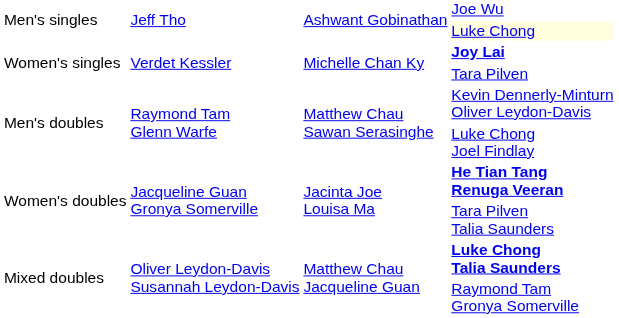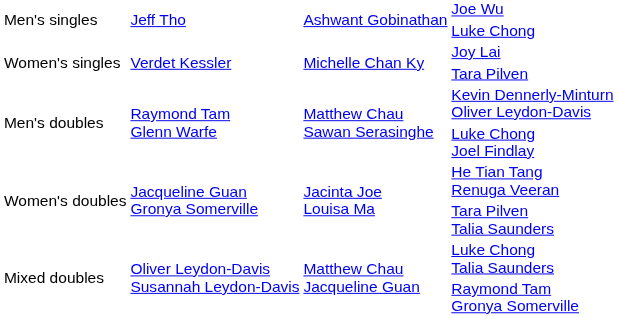 <table>
 <tr>
 <td rowspan=2>Men's singles</td>
 <td rowspan=2> <a href='#'>Jeff Tho</a></td>
 <td rowspan=2> <a href='#'>Ashwant Gobinathan</a></td>
 <td> <a href='#'>Joe Wu</a></td>
 </tr>
 <tr>
-<td style="background: lightyellow;"> <a href='#'>Luke Chong</a></td>
+<td> <a href='#'>Luke Chong</a></td>
 </tr>
 <tr>
 <td rowspan=2>Women's singles</td>
 <td rowspan=2> <a href='#'>Verdet Kessler</a></td>
 <td rowspan=2> <a href='#'>Michelle Chan Ky</a></td>
-<td><strong> <a href='#'>Joy Lai</a></strong></td>
+<td> <a href='#'>Joy Lai</a></td>
 </tr>
 <tr>
 <td> <a href='#'>Tara Pilven</a></td>
 </tr>
 <tr>
 <td rowspan=2>Men's doubles</td>
 <td rowspan=2> <a href='#'>Raymond Tam</a><br> <a href='#'>Glenn Warfe</a></td>
 <td rowspan=2> <a href='#'>Matthew Chau</a><br> <a href='#'>Sawan Serasinghe</a></td>
 <td> <a href='#'>Kevin Dennerly-Minturn</a> <br> <a href='#'>Oliver Leydon-Davis</a></td>
 </tr>
 <tr>
 <td> <a href='#'>Luke Chong</a> <br> <a href='#'>Joel Findlay</a></td>
 </tr>
 <tr>
 <td rowspan=2>Women's doubles</td>
 <td rowspan=2> <a href='#'>Jacqueline Guan</a><br> <a href='#'>Gronya Somerville</a></td>
 <td rowspan=2> <a href='#'>Jacinta Joe</a><br> <a href='#'>Louisa Ma</a></td>
-<td><strong> <a href='#'>He Tian Tang</a> <br> <a href='#'>Renuga Veeran</a></strong></td>
+<td> <a href='#'>He Tian Tang</a> <br> <a href='#'>Renuga Veeran</a></td>
 </tr>
 <tr>
 <td> <a href='#'>Tara Pilven</a> <br> <a href='#'>Talia Saunders</a></td>
 </tr>
 <tr>
 <td rowspan=2>Mixed doubles</td>
 <td rowspan=2> <a href='#'>Oliver Leydon-Davis</a> <br> <a href='#'>Susannah Leydon-Davis</a></td>
 <td rowspan=2> <a href='#'>Matthew Chau</a> <br> <a href='#'>Jacqueline Guan</a></td>
-<td><strong> <a href='#'>Luke Chong</a> <br> <a href='#'>Talia Saunders</a></strong></td>
+<td> <a href='#'>Luke Chong</a> <br> <a href='#'>Talia Saunders</a></td>
 </tr>
 <tr>
 <td> <a href='#'>Raymond Tam</a> <br> <a href='#'>Gronya Somerville</a></td>
 </tr>
 <tr>
 </tr>
 </table>
